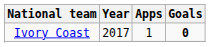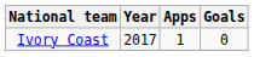 <table class="wikitable" style="text-align:center">
 <tr>
 <th>National team</th>
 <th>Year</th>
 <th>Apps</th>
 <th>Goals</th>
 </tr>
 <tr>
 <td rowspan="3"><a href='#'>Ivory Coast</a></td>
 <td>2017</td>
 <td>1</td>
-<td><strong>0</strong></td>
+<td>0</td>
 </tr>
 <tr>
 </tr>
 </table>
